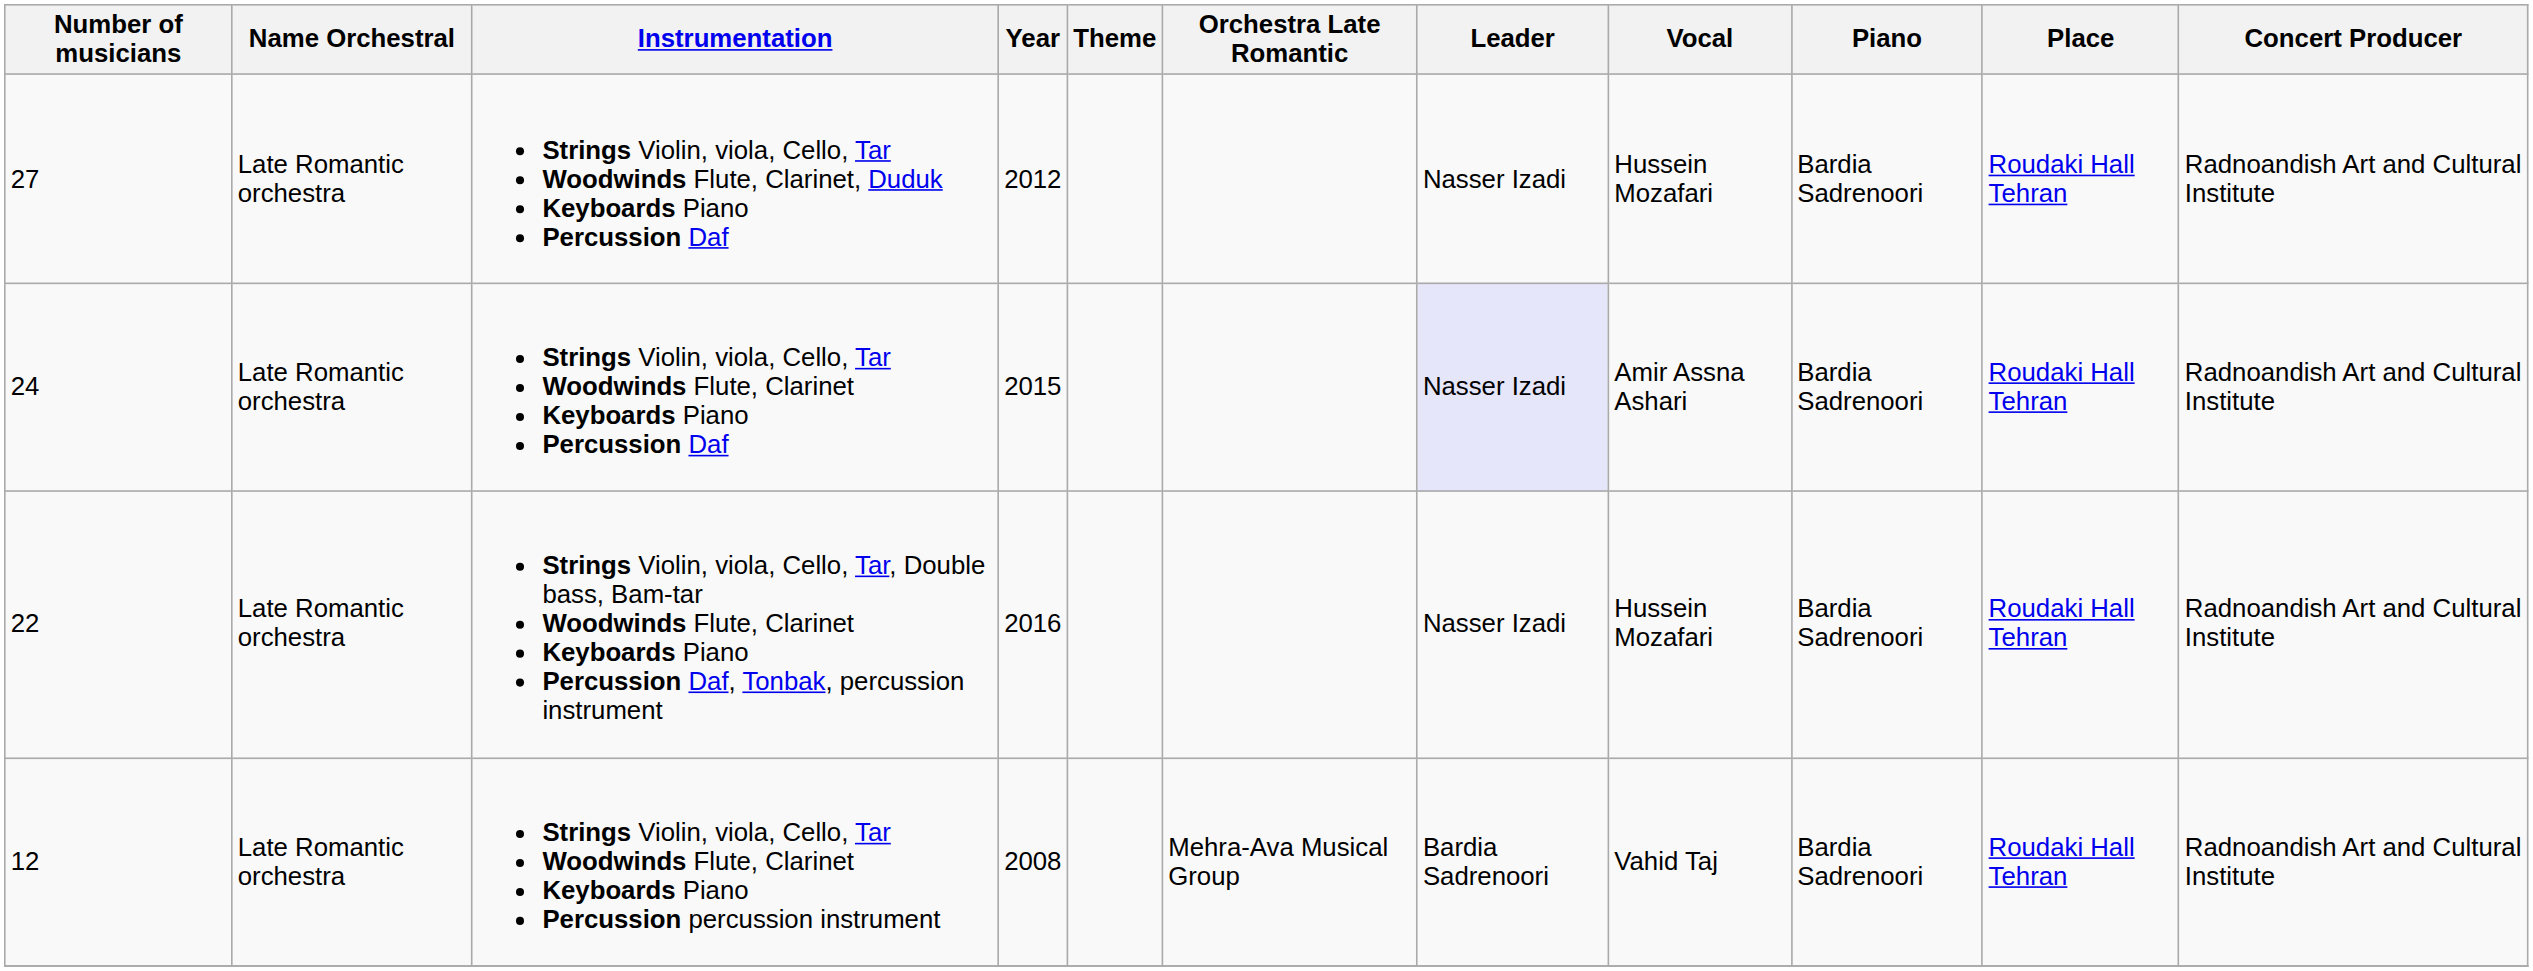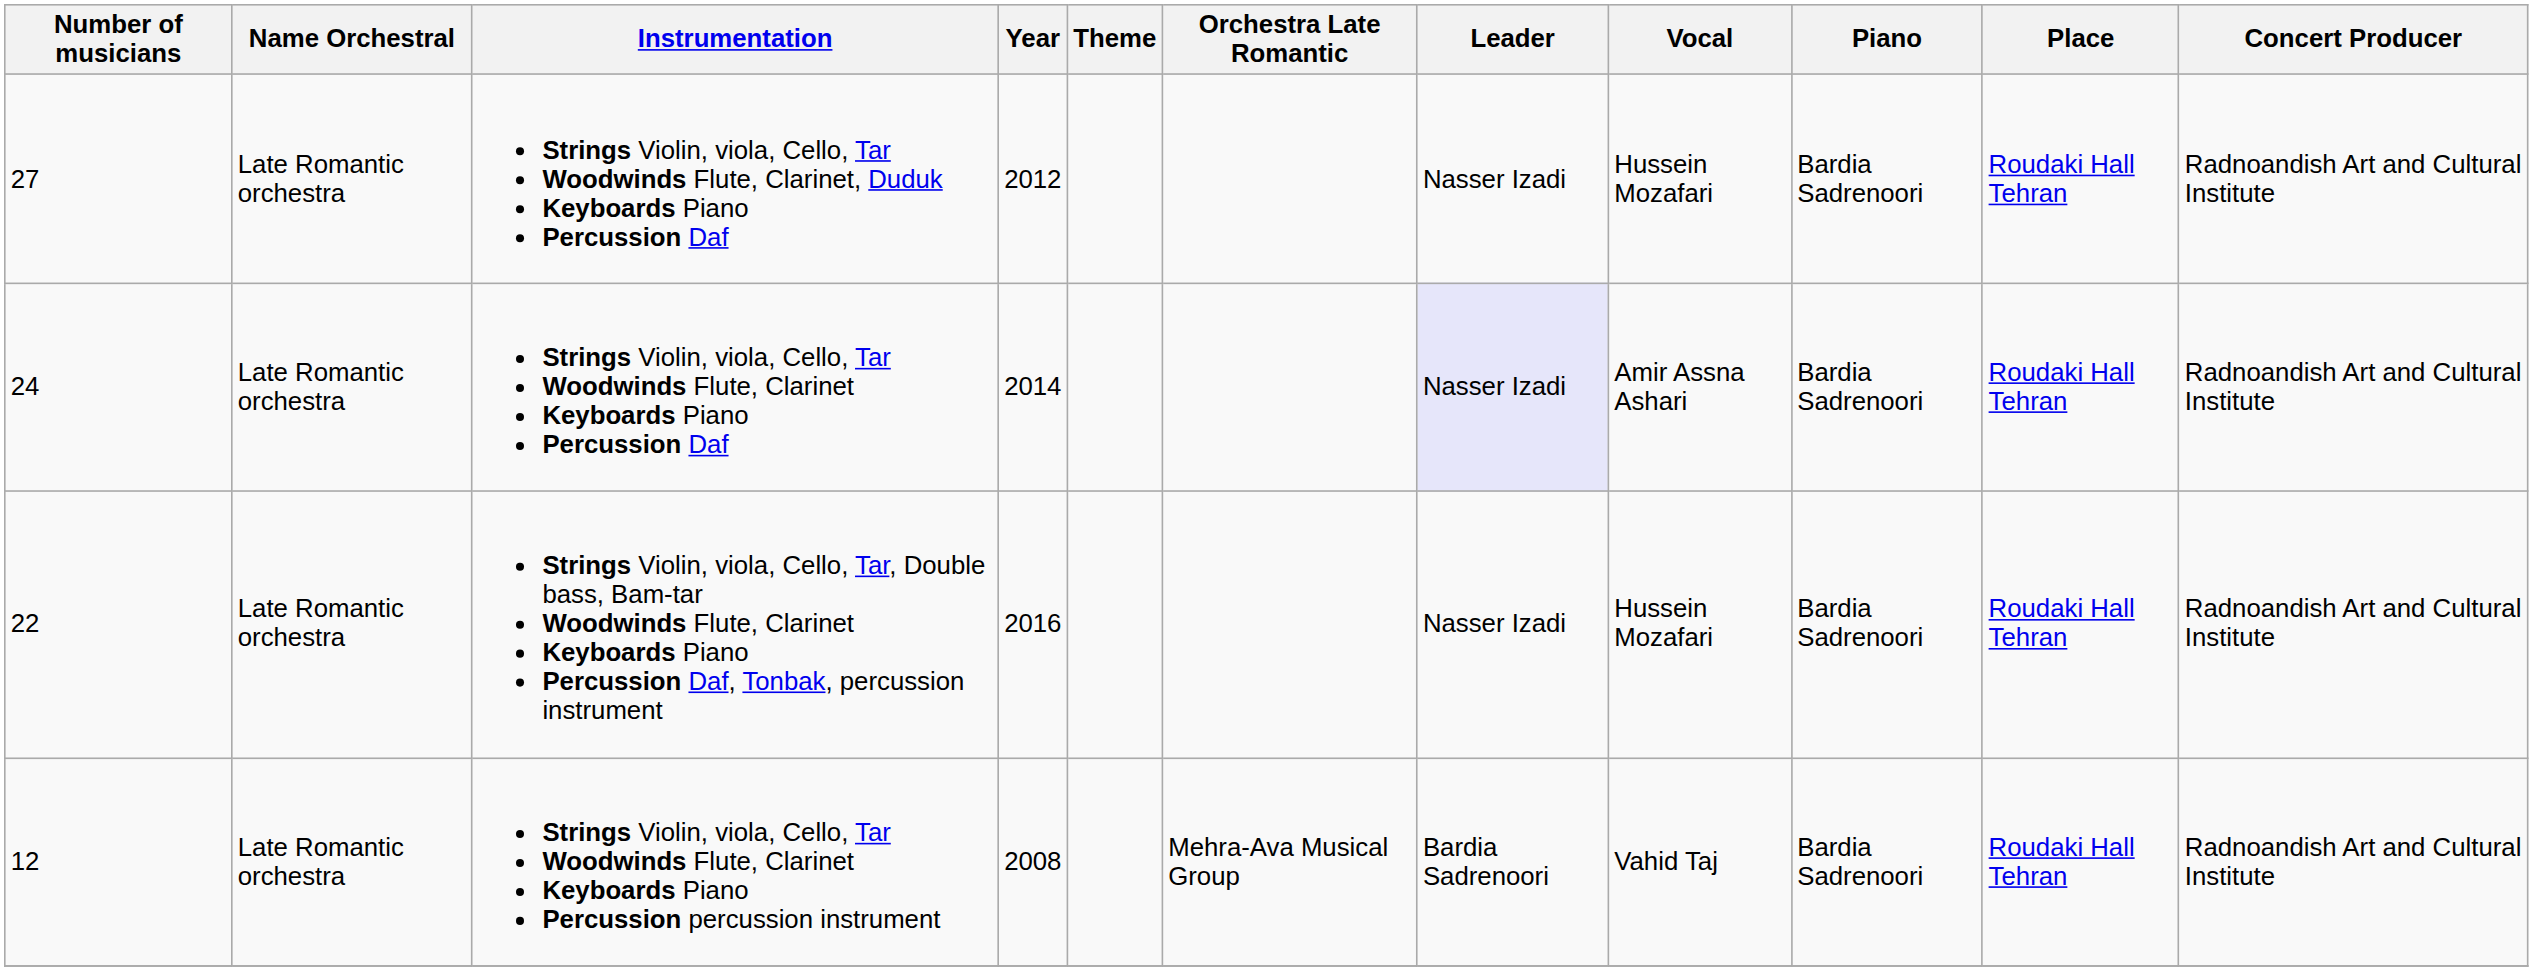 <table class="wikitable sortable">
 <tr>
 <th>Number of musicians</th>
 <th>Name Orchestral</th>
 <th><a href='#'>Instrumentation</a></th>
 <th>Year</th>
 <th>Theme</th>
 <th>Orchestra Late Romantic</th>
 <th>Leader</th>
 <th>Vocal</th>
 <th>Piano</th>
 <th>Place</th>
 <th class="unsortable">Concert Producer</th>
 </tr>
 <tr>
 <td>27</td>
 <td>Late Romantic orchestra</td>
 <td><br><ul><li><strong>Strings</strong>  Violin, viola, Cello, <a href='#'>Tar</a></li><li><strong>Woodwinds</strong>  Flute, Clarinet, <a href='#'>Duduk</a></li><li><strong>Keyboards</strong>  Piano</li><li><strong>Percussion</strong>  <a href='#'>Daf</a></li></ul></td>
 <td>2012</td>
 <td></td>
 <td></td>
 <td>Nasser Izadi</td>
 <td>Hussein Mozafari</td>
 <td>Bardia Sadrenoori</td>
 <td><a href='#'>Roudaki Hall</a> <a href='#'>Tehran</a></td>
 <td>Radnoandish Art and Cultural Institute</td>
 </tr>
 <tr>
 <td>24</td>
 <td>Late Romantic orchestra</td>
 <td><br><ul><li><strong>Strings</strong>  Violin, viola, Cello, <a href='#'>Tar</a></li><li><strong>Woodwinds</strong>  Flute, Clarinet</li><li><strong>Keyboards</strong>  Piano</li><li><strong>Percussion</strong>  <a href='#'>Daf</a></li></ul></td>
-<td>2015</td>
+<td>2014</td>
 <td></td>
 <td></td>
 <td style="background: lavender;">Nasser Izadi</td>
 <td>Amir Assna Ashari</td>
 <td>Bardia Sadrenoori</td>
 <td><a href='#'>Roudaki Hall</a> <a href='#'>Tehran</a></td>
 <td>Radnoandish Art and Cultural Institute</td>
 </tr>
 <tr>
 <td>22</td>
 <td>Late Romantic orchestra</td>
 <td><br><ul><li><strong>Strings</strong>  Violin, viola, Cello, <a href='#'>Tar</a>, Double bass, Bam-tar</li><li><strong>Woodwinds</strong>  Flute, Clarinet</li><li><strong>Keyboards</strong>  Piano</li><li><strong>Percussion</strong>  <a href='#'>Daf</a>, <a href='#'>Tonbak</a>, percussion instrument</li></ul></td>
 <td>2016</td>
 <td></td>
 <td></td>
 <td>Nasser Izadi</td>
 <td>Hussein Mozafari</td>
 <td>Bardia Sadrenoori</td>
 <td><a href='#'>Roudaki Hall</a> <a href='#'>Tehran</a></td>
 <td>Radnoandish Art and Cultural Institute</td>
 </tr>
 <tr>
 <td>12</td>
 <td>Late Romantic orchestra</td>
 <td><br><ul><li><strong>Strings</strong>  Violin, viola, Cello, <a href='#'>Tar</a></li><li><strong>Woodwinds</strong>  Flute, Clarinet</li><li><strong>Keyboards</strong>  Piano</li><li><strong>Percussion</strong>  percussion instrument</li></ul></td>
 <td>2008</td>
 <td></td>
 <td>Mehra-Ava Musical Group</td>
 <td>Bardia Sadrenoori</td>
 <td>Vahid Taj</td>
 <td>Bardia Sadrenoori</td>
 <td><a href='#'>Roudaki Hall</a> <a href='#'>Tehran</a></td>
 <td>Radnoandish Art and Cultural Institute</td>
 </tr>
 <tr>
 </tr>
 </table>
